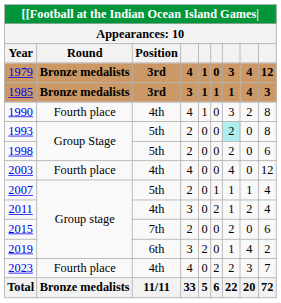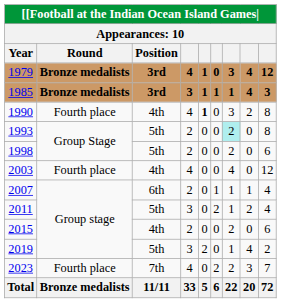 <table class="wikitable" style="text-align: center;">
 <tr>
 <th colspan=9 style="background:#009639; color:white; ">[[Football at the Indian Ocean Island Games|</th>
 </tr>
 <tr>
 <th colspan=9>Appearances: 10</th>
 </tr>
 <tr>
 <th>Year</th>
 <th>Round</th>
 <th>Position</th>
 <th></th>
 <th></th>
 <th></th>
 <th></th>
 <th></th>
 <th></th>
 </tr>
 <tr style="background:#c96;">
 <td> <a href='#'>1979</a></td>
 <td><strong>Bronze medalists</strong></td>
 <td><strong>3rd</strong></td>
 <td><strong>4</strong></td>
 <td><strong>1</strong></td>
 <td><strong>0</strong></td>
 <td><strong>3</strong></td>
 <td><strong>4</strong></td>
 <td><strong>12</strong></td>
 </tr>
 <tr style="background:#c96;">
 <td> <a href='#'>1985</a></td>
 <td><strong>Bronze medalists</strong></td>
 <td><strong>3rd</strong></td>
 <td><strong>3</strong></td>
 <td><strong>1</strong></td>
 <td><strong>1</strong></td>
 <td><strong>1</strong></td>
 <td><strong>4</strong></td>
 <td><strong>3</strong></td>
 </tr>
 <tr>
 <td> <a href='#'>1990</a></td>
 <td>Fourth place</td>
 <td>4th</td>
 <td>4</td>
-<td>1</td>
+<td><strong>1</strong></td>
 <td>0</td>
 <td>3</td>
 <td>2</td>
 <td>8</td>
 </tr>
 <tr>
 <td> <a href='#'>1993</a></td>
 <td rowspan=2>Group Stage</td>
 <td>5th</td>
 <td>2</td>
 <td>0</td>
 <td>0</td>
 <td style="background: paleturquoise;">2</td>
 <td>0</td>
 <td>8</td>
 </tr>
 <tr>
 <td> <a href='#'>1998</a></td>
 <td>5th</td>
 <td>2</td>
 <td>0</td>
 <td>0</td>
 <td>2</td>
 <td>0</td>
 <td>6</td>
 </tr>
 <tr>
 <td> <a href='#'>2003</a></td>
 <td>Fourth place</td>
 <td>4th</td>
 <td>4</td>
 <td>0</td>
 <td>0</td>
 <td>4</td>
 <td>0</td>
 <td>12</td>
 </tr>
 <tr>
 <td> <a href='#'>2007</a></td>
 <td rowspan="4">Group stage</td>
-<td>5th</td>
+<td>6th</td>
 <td>2</td>
 <td>0</td>
 <td>1</td>
 <td>1</td>
 <td>1</td>
 <td>4</td>
 </tr>
 <tr>
 <td> <a href='#'>2011</a></td>
-<td>4th</td>
+<td>5th</td>
 <td>3</td>
 <td>0</td>
 <td>2</td>
 <td>1</td>
 <td>2</td>
 <td>4</td>
 </tr>
 <tr>
 <td> <a href='#'>2015</a></td>
-<td>7th</td>
+<td>4th</td>
 <td>2</td>
 <td>0</td>
 <td>0</td>
 <td>2</td>
 <td>0</td>
 <td>6</td>
 </tr>
 <tr>
 <td> <a href='#'>2019</a></td>
-<td>6th</td>
+<td>5th</td>
 <td>3</td>
 <td>2</td>
 <td>0</td>
 <td>1</td>
 <td 4>4</td>
 <td>2</td>
 </tr>
 <tr>
 <td> <a href='#'>2023</a></td>
 <td>Fourth place</td>
-<td>4th</td>
+<td>7th</td>
 <td>4</td>
 <td>0</td>
 <td>2</td>
 <td>2</td>
 <td>3</td>
 <td>7</td>
 </tr>
 <tr>
 <th>Total</th>
 <th>Bronze medalists</th>
 <th>11/11</th>
 <th>33</th>
 <th>5</th>
 <th>6</th>
 <th>22</th>
 <th>20</th>
 <th>72</th>
 </tr>
 </table>
